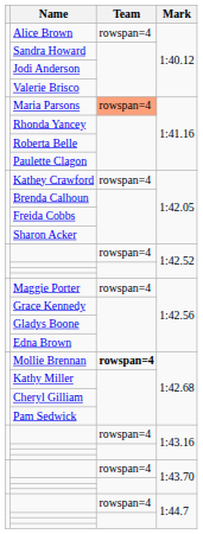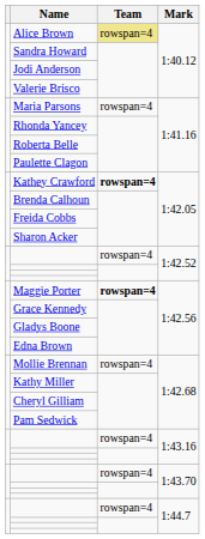 <table class=wikitable>
 <tr>
 <th></th>
 <th>Name</th>
 <th>Team</th>
 <th>Mark</th>
 </tr>
 <tr>
 <td rowspan=4></td>
 <td><a href='#'>Alice Brown</a></td>
-<td>rowspan=4 </td>
+<td style="background: khaki;">rowspan=4 </td>
 <td rowspan=4>1:40.12</td>
 </tr>
 <tr>
 <td><a href='#'>Sandra Howard</a></td>
 </tr>
 <tr>
 <td><a href='#'>Jodi Anderson</a></td>
 </tr>
 <tr>
 <td><a href='#'>Valerie Brisco</a></td>
 </tr>
 <tr>
 <td rowspan=4></td>
 <td><a href='#'>Maria Parsons</a></td>
-<td style="background: lightsalmon;">rowspan=4 </td>
+<td>rowspan=4 </td>
 <td rowspan=4>1:41.16</td>
 </tr>
 <tr>
 <td><a href='#'>Rhonda Yancey</a></td>
 </tr>
 <tr>
 <td><a href='#'>Roberta Belle</a></td>
 </tr>
 <tr>
 <td><a href='#'>Paulette Clagon</a></td>
 </tr>
 <tr>
 <td rowspan=4></td>
 <td><a href='#'>Kathey Crawford</a></td>
-<td>rowspan=4 </td>
+<td><strong>rowspan=4 </strong></td>
 <td rowspan=4>1:42.05</td>
 </tr>
 <tr>
 <td><a href='#'>Brenda Calhoun</a></td>
 </tr>
 <tr>
 <td><a href='#'>Freida Cobbs</a></td>
 </tr>
 <tr>
 <td><a href='#'>Sharon Acker</a></td>
 </tr>
 <tr>
 <td rowspan=4></td>
 <td></td>
 <td>rowspan=4 </td>
 <td rowspan=4>1:42.52</td>
 </tr>
 <tr>
 <td></td>
 </tr>
 <tr>
 <td></td>
 </tr>
 <tr>
 <td></td>
 </tr>
 <tr>
 <td rowspan=4></td>
 <td><a href='#'>Maggie Porter</a></td>
-<td>rowspan=4 </td>
+<td><strong>rowspan=4 </strong></td>
 <td rowspan=4>1:42.56</td>
 </tr>
 <tr>
 <td><a href='#'>Grace Kennedy</a></td>
 </tr>
 <tr>
 <td><a href='#'>Gladys Boone</a></td>
 </tr>
 <tr>
 <td><a href='#'>Edna Brown</a></td>
 </tr>
 <tr>
 <td rowspan=4></td>
 <td><a href='#'>Mollie Brennan</a></td>
-<td><strong>rowspan=4 </strong></td>
+<td>rowspan=4 </td>
 <td rowspan=4>1:42.68</td>
 </tr>
 <tr>
 <td><a href='#'>Kathy Miller</a></td>
 </tr>
 <tr>
 <td><a href='#'>Cheryl Gilliam</a></td>
 </tr>
 <tr>
 <td><a href='#'>Pam Sedwick</a></td>
 </tr>
 <tr>
 <td rowspan=4></td>
 <td></td>
 <td>rowspan=4 </td>
 <td rowspan=4>1:43.16</td>
 </tr>
 <tr>
 <td></td>
 </tr>
 <tr>
 <td></td>
 </tr>
 <tr>
 <td></td>
 </tr>
 <tr>
 <td rowspan=4></td>
 <td></td>
 <td>rowspan=4 </td>
 <td rowspan=4>1:43.70</td>
 </tr>
 <tr>
 <td></td>
 </tr>
 <tr>
 <td></td>
 </tr>
 <tr>
 <td></td>
 </tr>
 <tr>
 <td rowspan=4></td>
 <td></td>
 <td>rowspan=4 </td>
 <td rowspan=4>1:44.7</td>
 </tr>
 <tr>
 <td></td>
 </tr>
 <tr>
 <td></td>
 </tr>
 <tr>
 <td></td>
 </tr>
 </table>
